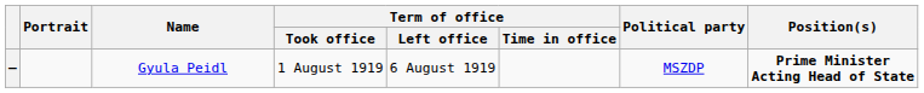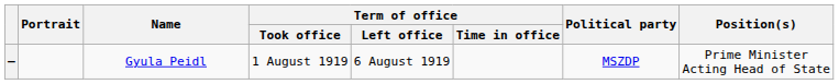 <table class="wikitable" style="text-align:center;">
 <tr>
 <th rowspan=2></th>
 <th rowspan=2>Portrait</th>
 <th width=20% rowspan=2>Name<br></th>
 <th colspan=3>Term of office</th>
 <th rowspan=2>Political party</th>
 <th rowspan=2>Position(s)</th>
 </tr>
 <tr>
 <th>Took office</th>
 <th>Left office</th>
 <th>Time in office</th>
 </tr>
 <tr>
 <th style="background-color:">—</th>
 <td></td>
 <td><a href='#'>Gyula Peidl</a><br></td>
 <td>1 August 1919</td>
 <td>6 August 1919</td>
 <td></td>
 <td><a href='#'>MSZDP</a></td>
-<td><strong>Prime Minister<br>Acting Head of State</strong></td>
+<td>Prime Minister<br>Acting Head of State</td>
 </tr>
 </table>
